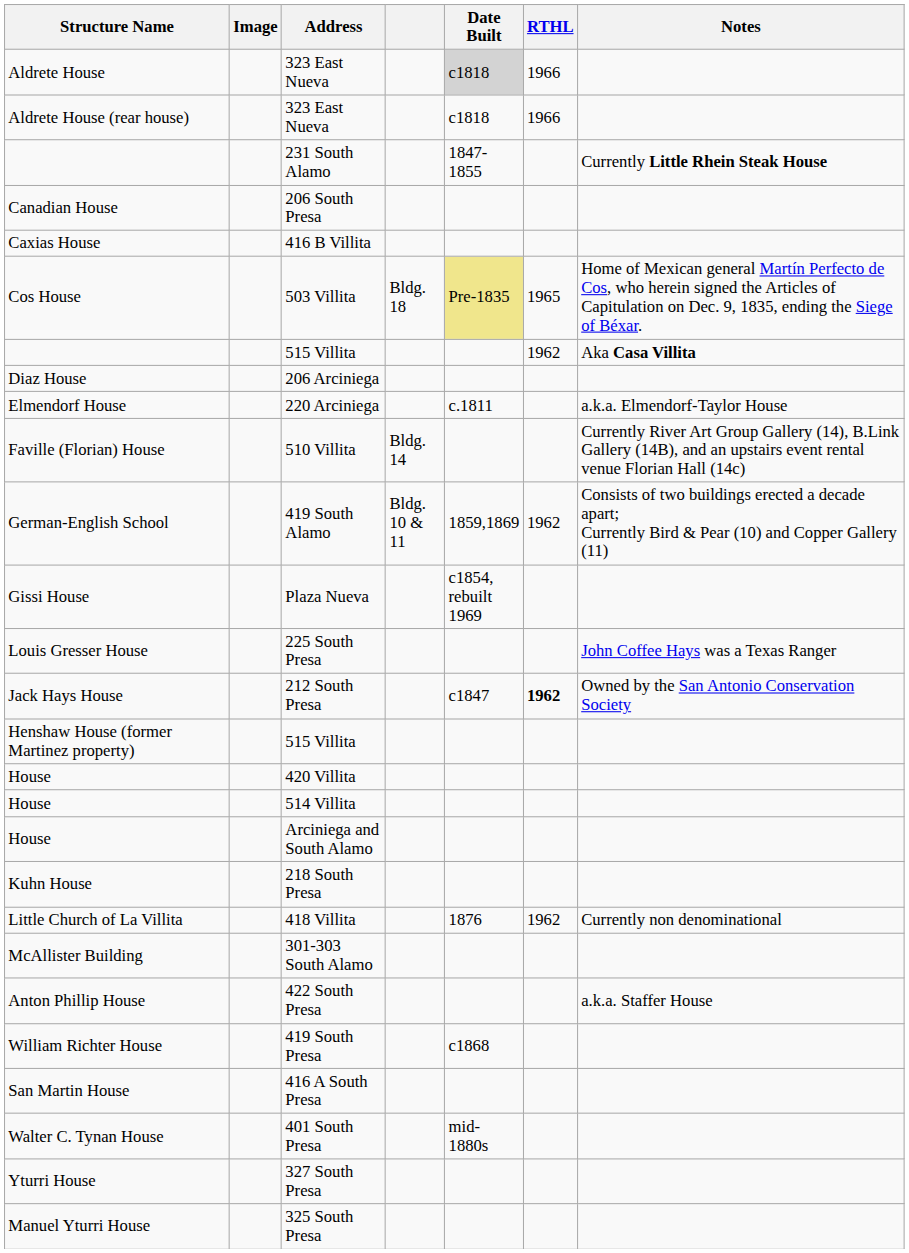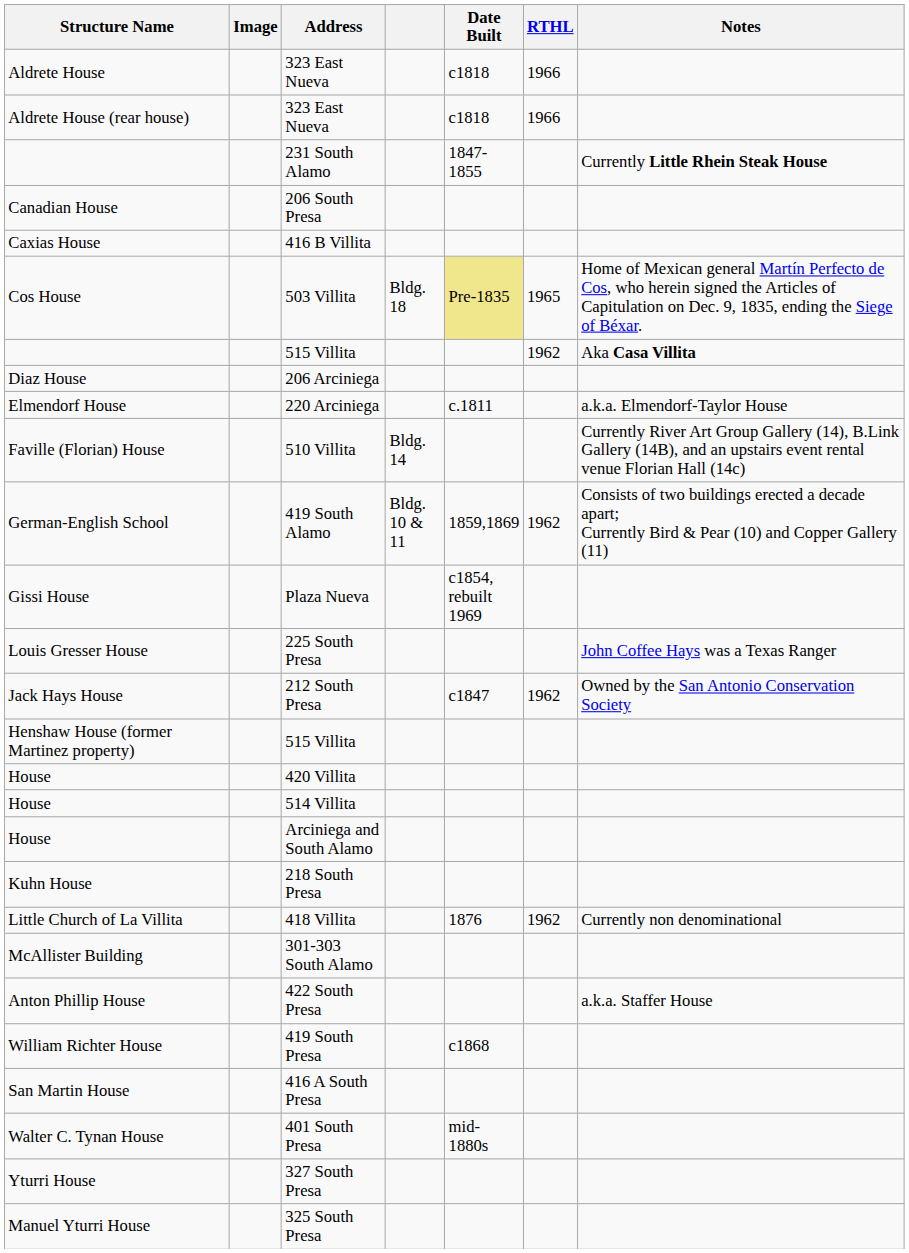 <table class="wikitable sortable" style="width:98%">
 <tr>
 <th width = 25%><strong>Structure Name</strong></th>
 <th width = 5%><strong>Image</strong></th>
 <th><strong>Address</strong></th>
 <th></th>
 <th width = 5%><strong>Date Built</strong></th>
 <th width = 5%><strong><a href='#'>RTHL</a></strong></th>
 <th class="unsortable"><strong>Notes</strong></th>
 </tr>
 <tr>
 <td>Aldrete House</td>
 <td></td>
 <td>323 East Nueva</td>
 <td></td>
-<td style="background: lightgrey;">c1818</td>
+<td>c1818</td>
 <td>1966</td>
 <td></td>
 </tr>
 <tr>
 <td>Aldrete House (rear house)</td>
 <td></td>
 <td>323 East Nueva</td>
 <td></td>
 <td>c1818</td>
 <td>1966</td>
 <td></td>
 </tr>
 <tr>
 <td></td>
 <td></td>
 <td>231 South Alamo</td>
 <td></td>
 <td>1847-1855</td>
 <td></td>
 <td>Currently <strong>Little Rhein Steak House</strong></td>
 </tr>
 <tr>
 <td>Canadian House</td>
 <td></td>
 <td>206 South Presa</td>
 <td></td>
 <td></td>
 <td></td>
 <td></td>
 </tr>
 <tr>
 <td>Caxias House</td>
 <td></td>
 <td>416 B Villita</td>
 <td></td>
 <td></td>
 <td></td>
 <td></td>
 </tr>
 <tr>
 <td>Cos House</td>
 <td></td>
 <td>503 Villita</td>
 <td>Bldg. 18</td>
 <td style="background: khaki;">Pre-1835</td>
 <td>1965</td>
 <td>Home of Mexican general <a href='#'>Martín Perfecto de Cos</a>, who herein signed the Articles of Capitulation on Dec. 9, 1835, ending the <a href='#'>Siege of Béxar</a>.</td>
 </tr>
 <tr>
 <td></td>
 <td></td>
 <td>515 Villita</td>
 <td></td>
 <td></td>
 <td>1962</td>
 <td>Aka <strong>Casa Villita</strong></td>
 </tr>
 <tr>
 <td>Diaz House</td>
 <td></td>
 <td>206 Arciniega</td>
 <td></td>
 <td></td>
 <td></td>
 <td></td>
 </tr>
 <tr>
 <td>Elmendorf House</td>
 <td></td>
 <td>220 Arciniega</td>
 <td></td>
 <td>c.1811</td>
 <td></td>
 <td>a.k.a. Elmendorf-Taylor House</td>
 </tr>
 <tr>
 <td>Faville (Florian) House</td>
 <td></td>
 <td>510 Villita</td>
 <td>Bldg. 14</td>
 <td></td>
 <td></td>
 <td>Currently River Art Group Gallery (14), B.Link Gallery (14B), and an upstairs event rental venue Florian Hall (14c)</td>
 </tr>
 <tr>
 <td>German-English School</td>
 <td></td>
 <td>419 South Alamo</td>
 <td>Bldg. 10 & 11</td>
 <td>1859,1869</td>
 <td>1962</td>
 <td>Consists of two buildings erected a decade apart;<br>Currently Bird & Pear (10) and Copper Gallery (11)</td>
 </tr>
 <tr>
 <td>Gissi House</td>
 <td></td>
 <td>Plaza Nueva</td>
 <td></td>
 <td>c1854, rebuilt 1969</td>
 <td></td>
 <td></td>
 </tr>
 <tr>
 <td>Louis Gresser House</td>
 <td></td>
 <td>225 South Presa</td>
 <td></td>
 <td></td>
 <td></td>
 <td><a href='#'>John Coffee Hays</a> was a Texas Ranger</td>
 </tr>
 <tr>
 <td>Jack Hays House</td>
 <td></td>
 <td>212 South Presa</td>
 <td></td>
 <td>c1847</td>
-<td><strong>1962</strong></td>
+<td>1962</td>
 <td>Owned by the <a href='#'>San Antonio Conservation Society</a></td>
 </tr>
 <tr>
 <td>Henshaw House (former Martinez property)</td>
 <td></td>
 <td>515 Villita</td>
 <td></td>
 <td></td>
 <td></td>
 <td></td>
 </tr>
 <tr>
 <td>House</td>
 <td></td>
 <td>420 Villita</td>
 <td></td>
 <td></td>
 <td></td>
 <td></td>
 </tr>
 <tr>
 <td>House</td>
 <td></td>
 <td>514 Villita</td>
 <td></td>
 <td></td>
 <td></td>
 <td></td>
 </tr>
 <tr>
 <td>House</td>
 <td></td>
 <td>Arciniega and South Alamo</td>
 <td></td>
 <td></td>
 <td></td>
 <td></td>
 </tr>
 <tr>
 <td>Kuhn House</td>
 <td></td>
 <td>218 South Presa</td>
 <td></td>
 <td></td>
 <td></td>
 <td></td>
 </tr>
 <tr>
 <td>Little Church of La Villita</td>
 <td></td>
 <td>418 Villita</td>
 <td></td>
 <td>1876</td>
 <td>1962</td>
 <td>Currently non denominational</td>
 </tr>
 <tr>
 <td>McAllister Building</td>
 <td></td>
 <td>301-303 South Alamo</td>
 <td></td>
 <td></td>
 <td></td>
 <td></td>
 </tr>
 <tr>
 <td>Anton Phillip House</td>
 <td></td>
 <td>422 South Presa</td>
 <td></td>
 <td></td>
 <td></td>
 <td>a.k.a. Staffer House</td>
 </tr>
 <tr>
 <td>William Richter House</td>
 <td></td>
 <td>419 South Presa</td>
 <td></td>
 <td>c1868</td>
 <td></td>
 <td></td>
 </tr>
 <tr>
 <td>San Martin House</td>
 <td></td>
 <td>416 A South Presa</td>
 <td></td>
 <td></td>
 <td></td>
 <td></td>
 </tr>
 <tr>
 <td>Walter C. Tynan House</td>
 <td></td>
 <td>401 South Presa</td>
 <td></td>
 <td>mid-1880s</td>
 <td></td>
 <td></td>
 </tr>
 <tr>
 <td>Yturri House</td>
 <td></td>
 <td>327 South Presa</td>
 <td></td>
 <td></td>
 <td></td>
 <td></td>
 </tr>
 <tr>
 <td>Manuel Yturri House</td>
 <td></td>
 <td>325 South Presa</td>
 <td></td>
 <td></td>
 <td></td>
 <td></td>
 </tr>
 <tr>
 </tr>
 </table>
